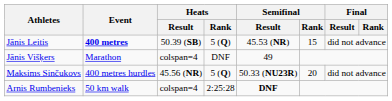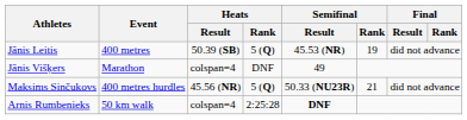 <table class="wikitable" border="1" style="font-size:90%">
 <tr>
 <th rowspan="2">Athletes</th>
 <th rowspan="2">Event</th>
 <th colspan="2">Heats</th>
 <th colspan="2">Semifinal</th>
 <th colspan="2">Final</th>
 </tr>
 <tr>
 <th>Result</th>
 <th>Rank</th>
 <th>Result</th>
 <th>Rank</th>
 <th>Result</th>
 <th>Rank</th>
 </tr>
 <tr>
 <td><a href='#'>Jānis Leitis</a></td>
-<td><strong><a href='#'>400 metres</a></strong></td>
+<td><a href='#'>400 metres</a></td>
 <td align=center>50.39 (<strong>SB</strong>)</td>
 <td align=center>5 (<strong>Q</strong>)</td>
 <td align=center>45.53 (<strong>NR</strong>)</td>
-<td align=center>15</td>
+<td align=center>19</td>
 <td align=center colspan=2>did not advance</td>
 </tr>
 <tr>
 <td><a href='#'>Jānis Višķers</a></td>
 <td><a href='#'>Marathon</a></td>
 <td>colspan=4</td>
 <td align=center>DNF</td>
 <td align=center>49</td>
 </tr>
 <tr>
 <td><a href='#'>Maksims Sinčukovs</a></td>
 <td><a href='#'>400 metres hurdles</a></td>
 <td align=center>45.56 (<strong>NR</strong>)</td>
 <td align=center>5 (<strong>Q</strong>)</td>
 <td align=center>50.33 (<strong>NU23R</strong>)</td>
-<td align=center>20</td>
+<td align=center>21</td>
 <td align=center colspan=2>did not advance</td>
 </tr>
 <tr>
 <td><a href='#'>Arnis Rumbenieks</a></td>
 <td><a href='#'>50 km walk</a></td>
 <td>colspan=4</td>
 <td align=center>2:25:28</td>
 <td align=center><strong>DNF</strong></td>
 </tr>
 </table>
